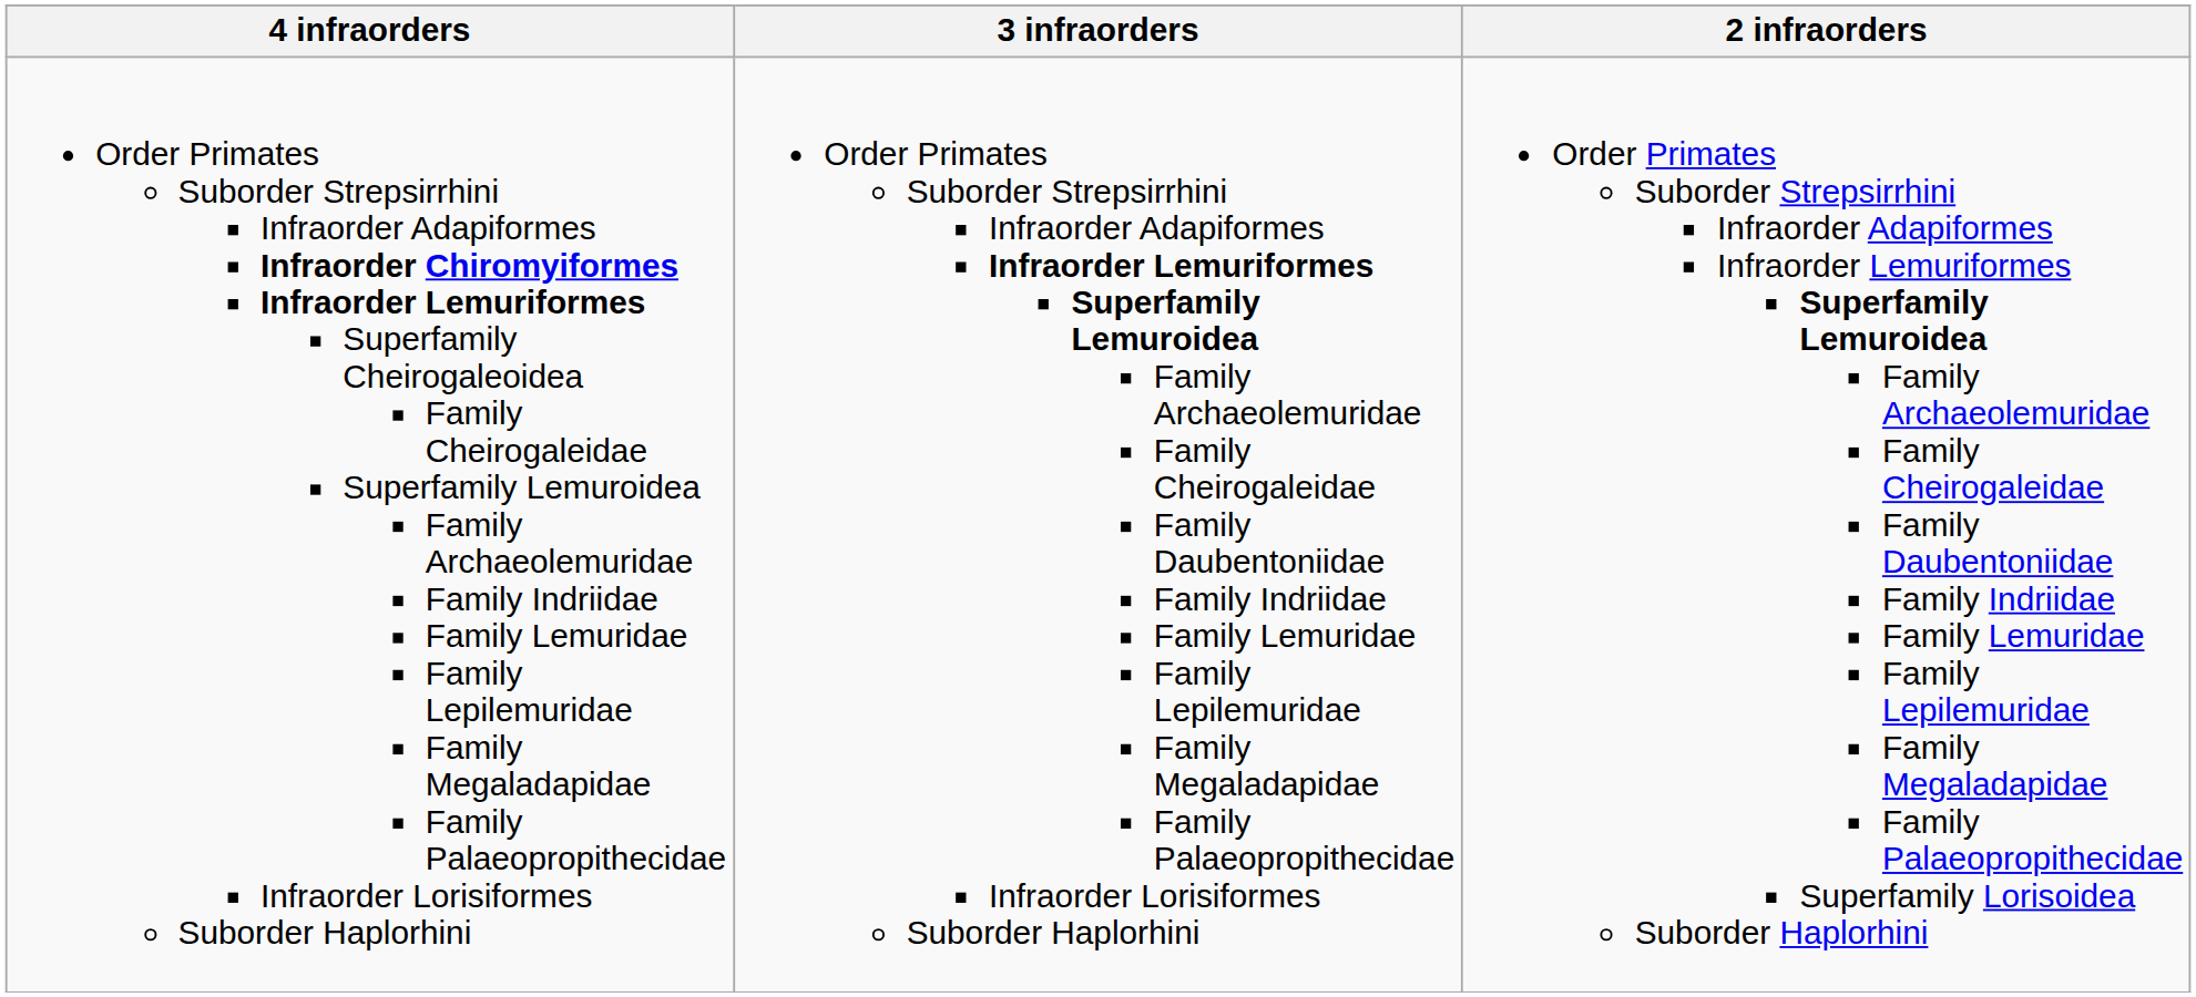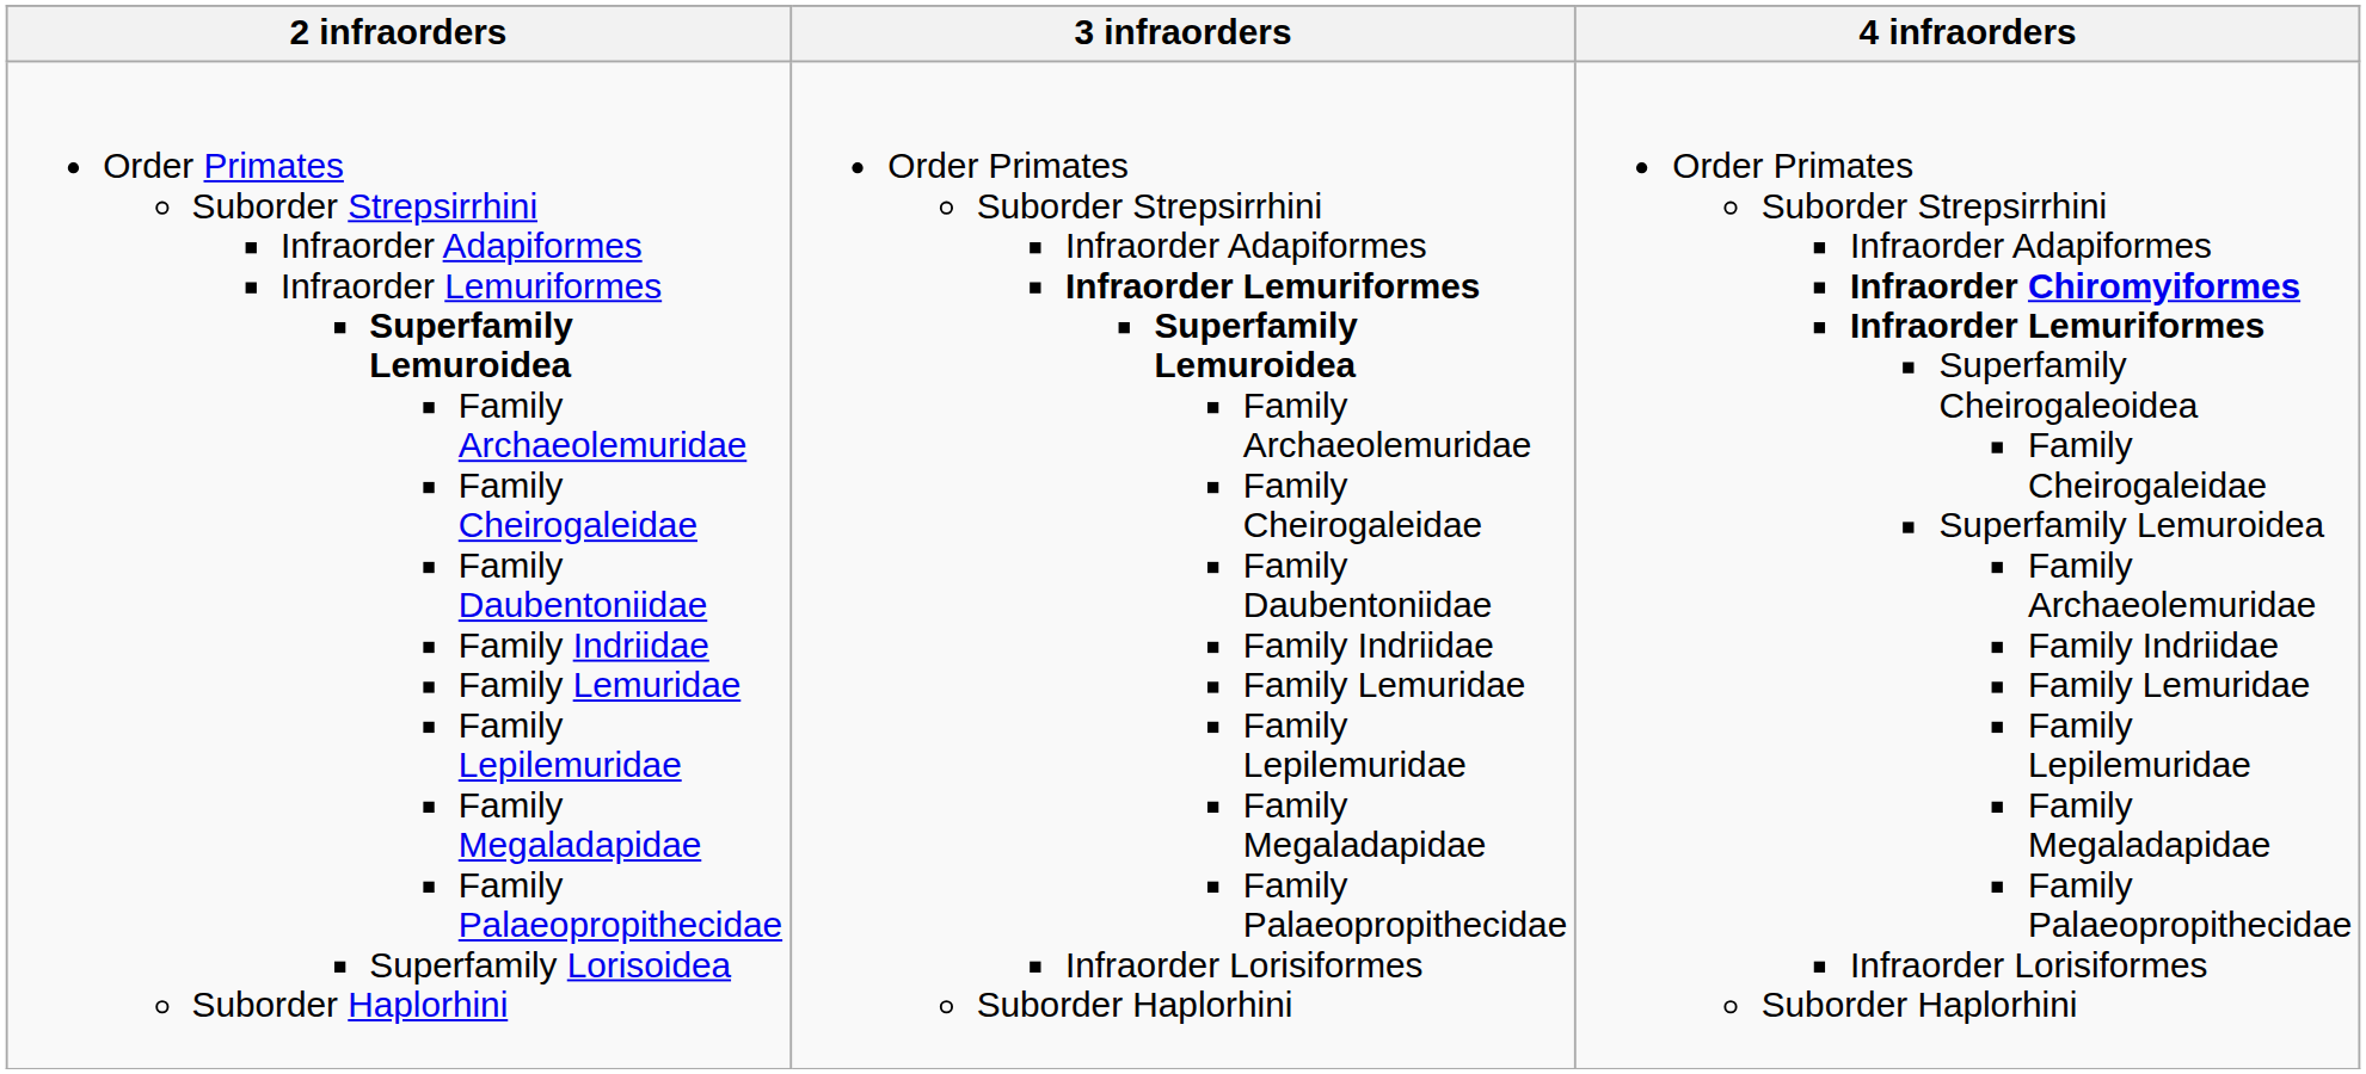 <table class="wikitable" style="margin: 1em auto 1em auto" border="1" width="850pt">
 <tr>
+<th>2 infraorders</th>
+<th>3 infraorders</th>
 <th>4 infraorders</th>
-<th>3 infraorders</th>
-<th>2 infraorders</th>
 </tr>
 <tr>
+<td><br><ul><li>Order <a href='#'>Primates</a><ul><li>Suborder <a href='#'>Strepsirrhini</a><ul><li>Infraorder <a href='#'>Adapiformes</a></li><li>Infraorder <a href='#'>Lemuriformes</a><ul><li><strong>Superfamily Lemuroidea</strong><ul><li>Family <a href='#'>Archaeolemuridae</a></li><li>Family <a href='#'>Cheirogaleidae</a></li><li>Family <a href='#'>Daubentoniidae</a></li><li>Family <a href='#'>Indriidae</a></li><li>Family <a href='#'>Lemuridae</a></li><li>Family <a href='#'>Lepilemuridae</a></li><li>Family <a href='#'>Megaladapidae</a></li><li>Family <a href='#'>Palaeopropithecidae</a></li></ul></li><li>Superfamily <a href='#'>Lorisoidea</a></li></ul></li></ul></li><li>Suborder <a href='#'>Haplorhini</a></li></ul></li></ul></td>
+<td><br><ul><li>Order Primates<ul><li>Suborder Strepsirrhini<ul><li>Infraorder Adapiformes</li><li><strong>Infraorder Lemuriformes</strong><ul><li><strong>Superfamily Lemuroidea</strong><ul><li>Family Archaeolemuridae</li><li>Family Cheirogaleidae</li><li>Family Daubentoniidae</li><li>Family Indriidae</li><li>Family Lemuridae</li><li>Family Lepilemuridae</li><li>Family Megaladapidae</li><li>Family Palaeopropithecidae</li></ul></li></ul></li><li>Infraorder Lorisiformes</li></ul></li><li>Suborder Haplorhini</li></ul></li></ul></td>
 <td><br><ul><li>Order Primates<ul><li>Suborder Strepsirrhini<ul><li>Infraorder Adapiformes</li><li><strong>Infraorder <a href='#'>Chiromyiformes</a></strong></li><li><strong>Infraorder Lemuriformes</strong><ul><li>Superfamily Cheirogaleoidea<ul><li>Family Cheirogaleidae</li></ul></li><li>Superfamily Lemuroidea<ul><li>Family Archaeolemuridae</li><li>Family Indriidae</li><li>Family Lemuridae</li><li>Family Lepilemuridae</li><li>Family Megaladapidae</li><li>Family Palaeopropithecidae</li></ul></li></ul></li><li>Infraorder Lorisiformes</li></ul></li><li>Suborder Haplorhini</li></ul></li></ul></td>
-<td><br><ul><li>Order Primates<ul><li>Suborder Strepsirrhini<ul><li>Infraorder Adapiformes</li><li><strong>Infraorder Lemuriformes</strong><ul><li><strong>Superfamily Lemuroidea</strong><ul><li>Family Archaeolemuridae</li><li>Family Cheirogaleidae</li><li>Family Daubentoniidae</li><li>Family Indriidae</li><li>Family Lemuridae</li><li>Family Lepilemuridae</li><li>Family Megaladapidae</li><li>Family Palaeopropithecidae</li></ul></li></ul></li><li>Infraorder Lorisiformes</li></ul></li><li>Suborder Haplorhini</li></ul></li></ul></td>
-<td><br><ul><li>Order <a href='#'>Primates</a><ul><li>Suborder <a href='#'>Strepsirrhini</a><ul><li>Infraorder <a href='#'>Adapiformes</a></li><li>Infraorder <a href='#'>Lemuriformes</a><ul><li><strong>Superfamily Lemuroidea</strong><ul><li>Family <a href='#'>Archaeolemuridae</a></li><li>Family <a href='#'>Cheirogaleidae</a></li><li>Family <a href='#'>Daubentoniidae</a></li><li>Family <a href='#'>Indriidae</a></li><li>Family <a href='#'>Lemuridae</a></li><li>Family <a href='#'>Lepilemuridae</a></li><li>Family <a href='#'>Megaladapidae</a></li><li>Family <a href='#'>Palaeopropithecidae</a></li></ul></li><li>Superfamily <a href='#'>Lorisoidea</a></li></ul></li></ul></li><li>Suborder <a href='#'>Haplorhini</a></li></ul></li></ul></td>
 </tr>
 </table>
